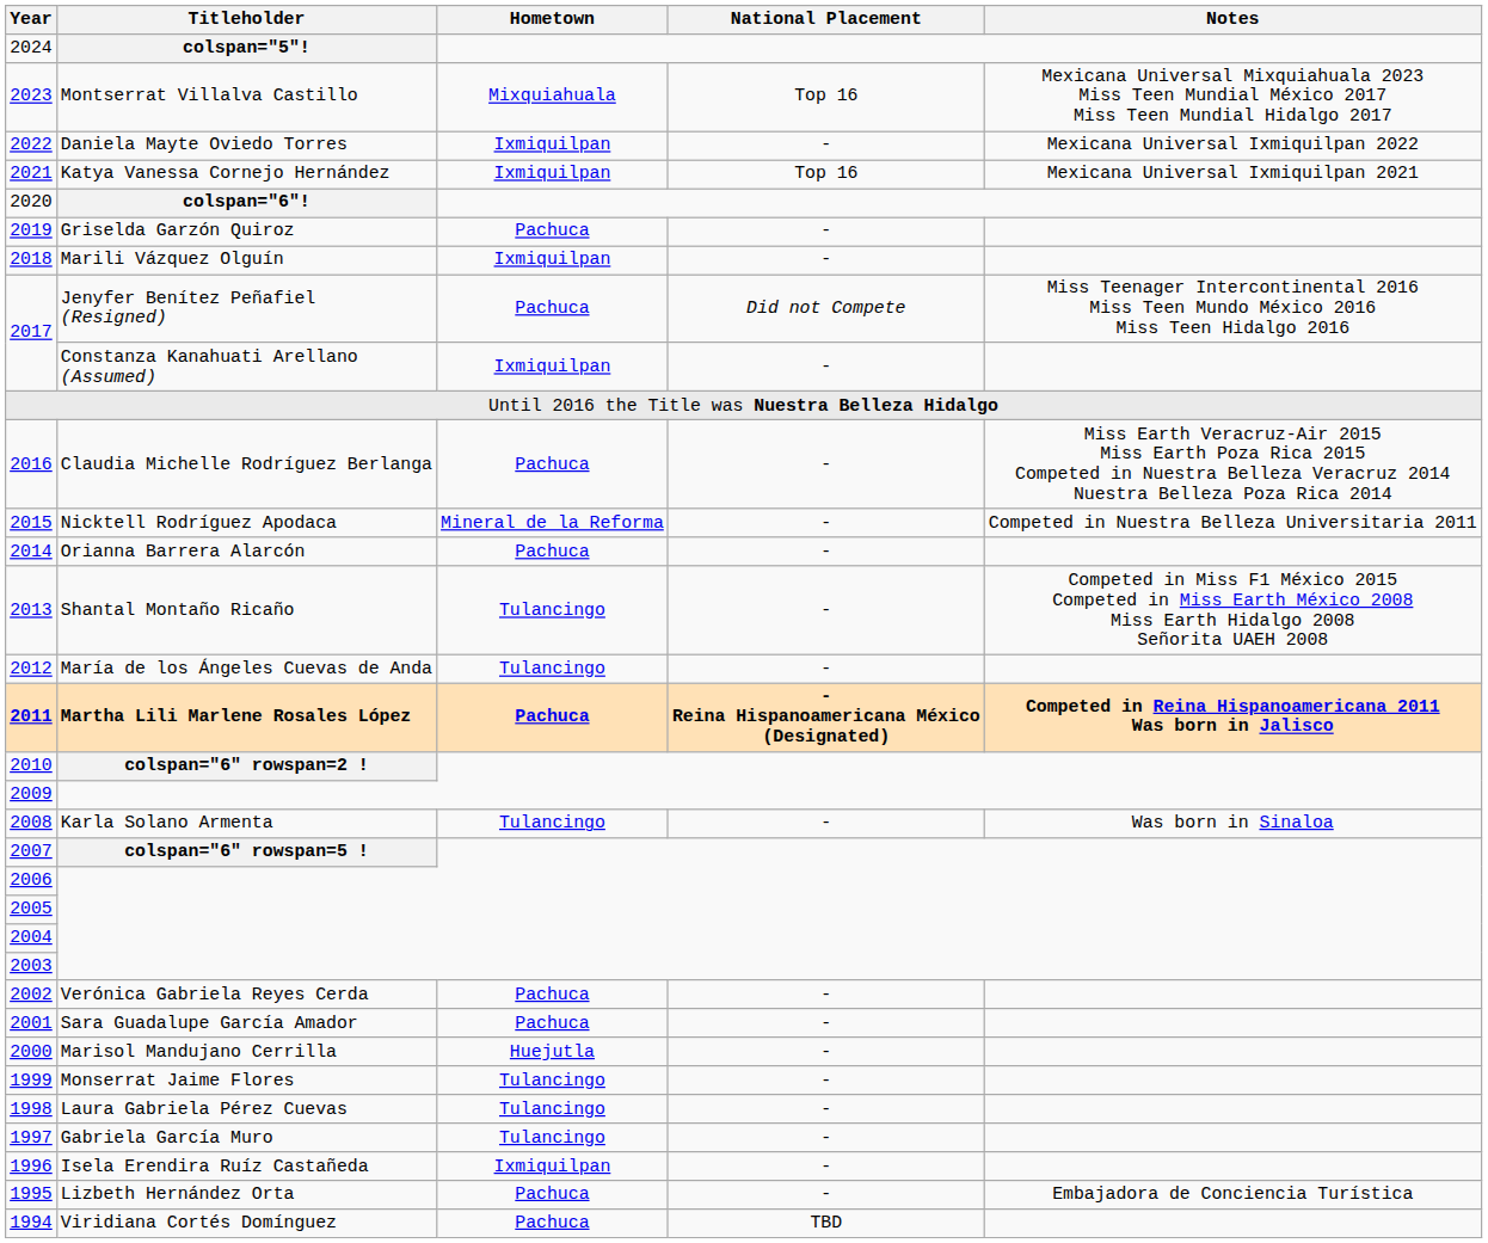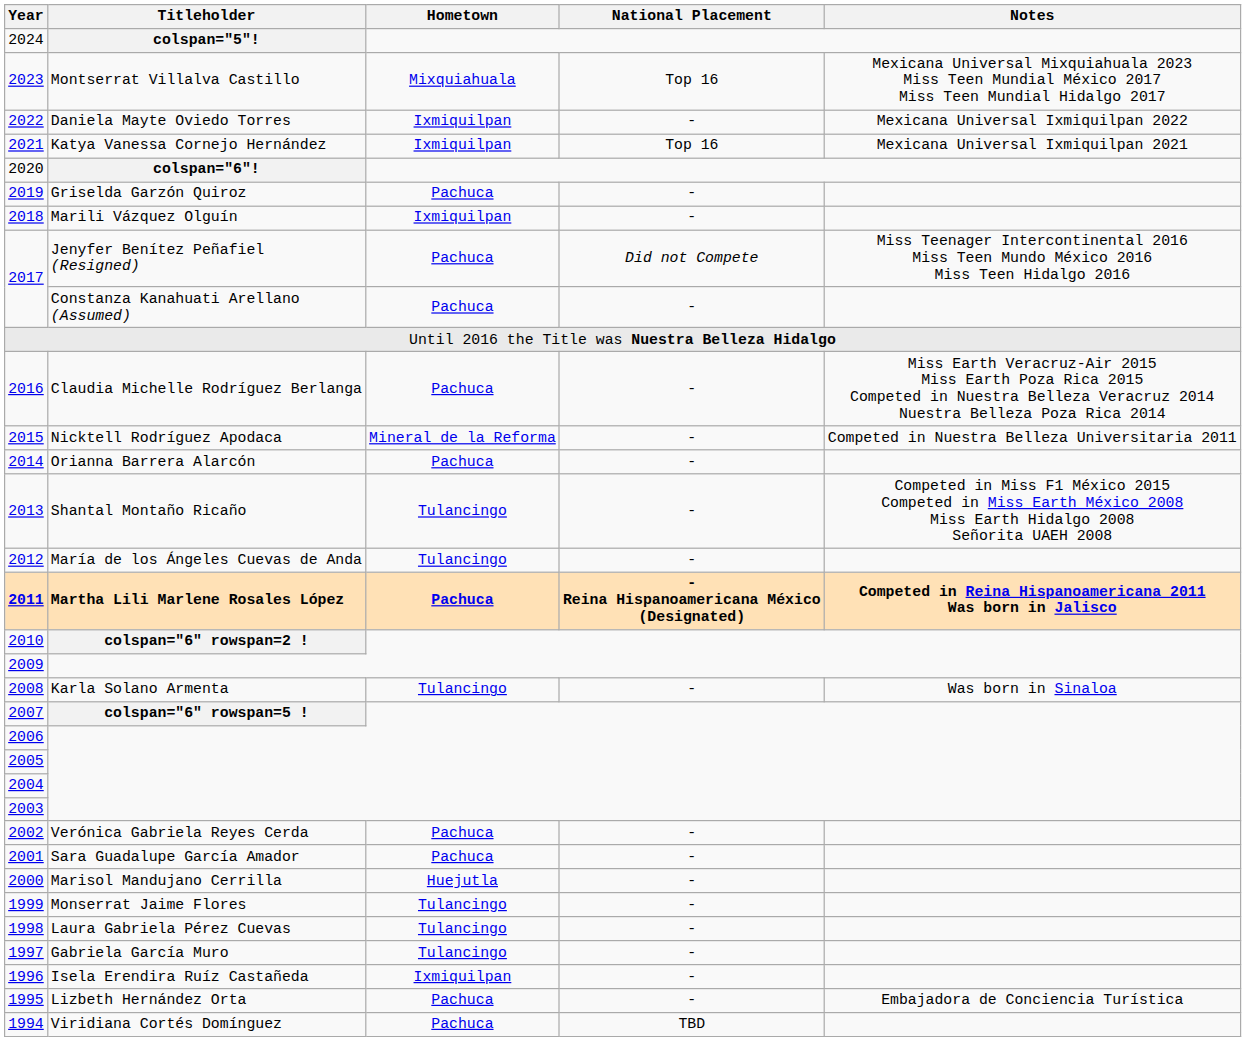 <table class="wikitable sortable" style="font-size:95%;">
 <tr>
 <th>Year</th>
 <th>Titleholder</th>
 <th>Hometown</th>
 <th>National Placement</th>
 <th>Notes</th>
 </tr>
 <tr>
 <td align="center">2024</td>
 <th>colspan="5"!</th>
 </tr>
 <tr>
 <td align="center"><a href='#'>2023</a></td>
 <td>Montserrat Villalva Castillo</td>
 <td align="center"><a href='#'>Mixquiahuala</a></td>
 <td align="center">Top 16</td>
 <td align="center">Mexicana Universal Mixquiahuala 2023<br>Miss Teen Mundial México 2017<br>Miss Teen Mundial Hidalgo 2017</td>
 </tr>
 <tr>
 <td align="center"><a href='#'>2022</a></td>
 <td>Daniela Mayte Oviedo Torres</td>
 <td align="center"><a href='#'>Ixmiquilpan</a></td>
 <td align="center">-</td>
 <td align="center">Mexicana Universal Ixmiquilpan 2022</td>
 </tr>
 <tr>
 <td align="center"><a href='#'>2021</a></td>
 <td>Katya Vanessa Cornejo Hernández</td>
 <td align="center"><a href='#'>Ixmiquilpan</a></td>
 <td align="center">Top 16</td>
 <td align="center">Mexicana Universal Ixmiquilpan 2021</td>
 </tr>
 <tr>
 <td align="center">2020</td>
 <th>colspan="6"!</th>
 </tr>
 <tr>
 <td align="center"><a href='#'>2019</a></td>
 <td>Griselda Garzón Quiroz</td>
 <td align="center"><a href='#'>Pachuca</a></td>
 <td align="center">-</td>
 <td align="center"></td>
 </tr>
 <tr>
 <td align="center"><a href='#'>2018</a></td>
 <td>Marili Vázquez Olguín</td>
 <td align="center"><a href='#'>Ixmiquilpan</a></td>
 <td align="center">-</td>
 <td align="center"></td>
 </tr>
 <tr>
 <td rowspan=2 align="center"><a href='#'>2017</a></td>
 <td>Jenyfer Benítez Peñafiel<br><em>(Resigned)</em></td>
 <td align="center"><a href='#'>Pachuca</a></td>
 <td align="center"><em>Did not Compete</em></td>
 <td align="center">Miss Teenager Intercontinental 2016<br>Miss Teen Mundo México 2016<br>Miss Teen Hidalgo 2016</td>
 </tr>
 <tr>
 <td>Constanza Kanahuati Arellano<br><em>(Assumed)</em></td>
-<td align="center"><a href='#'>Ixmiquilpan</a></td>
+<td align="center"><a href='#'>Pachuca</a></td>
 <td align="center">-</td>
 <td align="center"></td>
 </tr>
 <tr>
 <td colspan="7" bgcolor="#EAEAEA" style="text-align:center;">Until 2016 the Title was <strong>Nuestra Belleza Hidalgo</strong></td>
 </tr>
 <tr>
 <td align="center"><a href='#'>2016</a></td>
 <td>Claudia Michelle Rodríguez Berlanga</td>
 <td align="center"><a href='#'>Pachuca</a></td>
 <td align="center">-</td>
 <td align="center">Miss Earth Veracruz-Air 2015<br>Miss Earth Poza Rica 2015<br>Competed in Nuestra Belleza Veracruz 2014<br>Nuestra Belleza Poza Rica 2014</td>
 </tr>
 <tr>
 <td align="center"><a href='#'>2015</a></td>
 <td>Nicktell Rodríguez Apodaca</td>
 <td align="center"><a href='#'>Mineral de la Reforma</a></td>
 <td align="center">-</td>
 <td align="center">Competed in Nuestra Belleza Universitaria 2011</td>
 </tr>
 <tr>
 <td align="center"><a href='#'>2014</a></td>
 <td>Orianna Barrera Alarcón</td>
 <td align="center"><a href='#'>Pachuca</a></td>
 <td align="center">-</td>
 <td align="center"></td>
 </tr>
 <tr>
 <td align="center"><a href='#'>2013</a></td>
 <td>Shantal Montaño Ricaño</td>
 <td align="center"><a href='#'>Tulancingo</a></td>
 <td align="center">-</td>
 <td align="center">Competed in Miss F1 México 2015<br>Competed in <a href='#'>Miss Earth México 2008</a><br>Miss Earth Hidalgo 2008<br>Señorita UAEH 2008</td>
 </tr>
 <tr>
 <td align="center"><a href='#'>2012</a></td>
 <td>María de los Ángeles Cuevas de Anda</td>
 <td align="center"><a href='#'>Tulancingo</a></td>
 <td align="center">-</td>
 <td align="center"></td>
 </tr>
 <tr bgcolor="#FFE1B6">
 <td align="center"><strong><a href='#'>2011</a></strong></td>
 <td><strong>Martha Lili Marlene Rosales López</strong></td>
 <td align="center"><strong><a href='#'>Pachuca</a></strong></td>
 <td align="center"><strong>-<br>Reina Hispanoamericana México<br>(Designated)</strong></td>
 <td align="center"><strong>Competed in <a href='#'>Reina Hispanoamericana 2011</a><br>Was born in <a href='#'>Jalisco</a></strong></td>
 </tr>
 <tr>
 <td align="center"><a href='#'>2010</a></td>
 <th>colspan="6" rowspan=2 !</th>
 </tr>
 <tr>
 <td align="center"><a href='#'>2009</a></td>
 </tr>
 <tr>
 <td align="center"><a href='#'>2008</a></td>
 <td>Karla Solano Armenta</td>
 <td align="center"><a href='#'>Tulancingo</a></td>
 <td align="center">-</td>
 <td align="center">Was born in <a href='#'>Sinaloa</a></td>
 </tr>
 <tr>
 <td align="center"><a href='#'>2007</a></td>
 <th>colspan="6" rowspan=5 !</th>
 </tr>
 <tr>
 <td align="center"><a href='#'>2006</a></td>
 </tr>
 <tr>
 <td align="center"><a href='#'>2005</a></td>
 </tr>
 <tr>
 <td align="center"><a href='#'>2004</a></td>
 </tr>
 <tr>
 <td align="center"><a href='#'>2003</a></td>
 </tr>
 <tr>
 <td align="center"><a href='#'>2002</a></td>
 <td>Verónica Gabriela Reyes Cerda</td>
 <td align="center"><a href='#'>Pachuca</a></td>
 <td align="center">-</td>
 <td align="center"></td>
 </tr>
 <tr>
 <td align="center"><a href='#'>2001</a></td>
 <td>Sara Guadalupe García Amador</td>
 <td align="center"><a href='#'>Pachuca</a></td>
 <td align="center">-</td>
 <td align="center"></td>
 </tr>
 <tr>
 <td align="center"><a href='#'>2000</a></td>
 <td>Marisol Mandujano Cerrilla</td>
 <td align="center"><a href='#'>Huejutla</a></td>
 <td align="center">-</td>
 <td align="center"></td>
 </tr>
 <tr>
 <td align="center"><a href='#'>1999</a></td>
 <td>Monserrat Jaime Flores</td>
 <td align="center"><a href='#'>Tulancingo</a></td>
 <td align="center">-</td>
 <td align="center"></td>
 </tr>
 <tr>
 <td align="center"><a href='#'>1998</a></td>
 <td>Laura Gabriela Pérez Cuevas</td>
 <td align="center"><a href='#'>Tulancingo</a></td>
 <td align="center">-</td>
 <td align="center"></td>
 </tr>
 <tr>
 <td align="center"><a href='#'>1997</a></td>
 <td>Gabriela García Muro</td>
 <td align="center"><a href='#'>Tulancingo</a></td>
 <td align="center">-</td>
 <td align="center"></td>
 </tr>
 <tr>
 <td align="center"><a href='#'>1996</a></td>
 <td>Isela Erendira Ruíz Castañeda</td>
 <td align="center"><a href='#'>Ixmiquilpan</a></td>
 <td align="center">-</td>
 <td align="center"></td>
 </tr>
 <tr>
 <td align="center"><a href='#'>1995</a></td>
 <td>Lizbeth Hernández Orta</td>
 <td align="center"><a href='#'>Pachuca</a></td>
 <td align="center">-</td>
 <td align="center">Embajadora de Conciencia Turística</td>
 </tr>
 <tr>
 <td align="center"><a href='#'>1994</a></td>
 <td>Viridiana Cortés Domínguez</td>
 <td align="center"><a href='#'>Pachuca</a></td>
 <td align="center">TBD</td>
 <td align="center"></td>
 </tr>
 </table>
